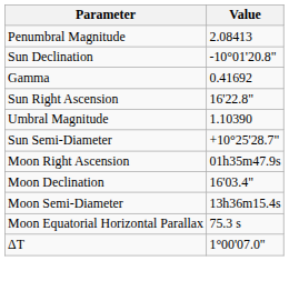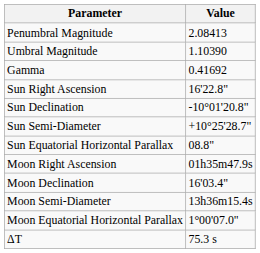 <table class="wikitable">
 <tr>
 <th>Parameter</th>
 <th>Value</th>
 </tr>
 <tr>
 <td>Penumbral Magnitude</td>
 <td>2.08413</td>
 </tr>
 <tr>
-<td>Sun Declination</td>
-<td>-10°01'20.8"</td>
+<td>Umbral Magnitude</td>
+<td>1.10390</td>
 </tr>
 <tr>
 <td>Gamma</td>
 <td>0.41692</td>
 </tr>
 <tr>
 <td>Sun Right Ascension</td>
 <td>16'22.8"</td>
 </tr>
 <tr>
-<td>Umbral Magnitude</td>
-<td>1.10390</td>
+<td>Sun Declination</td>
+<td>-10°01'20.8"</td>
 </tr>
 <tr>
 <td>Sun Semi-Diameter</td>
 <td>+10°25'28.7"</td>
+</tr>
+<tr>
+<td>Sun Equatorial Horizontal Parallax</td>
+<td>08.8"</td>
 </tr>
 <tr>
 <td>Moon Right Ascension</td>
 <td>01h35m47.9s</td>
 </tr>
 <tr>
 <td>Moon Declination</td>
 <td>16'03.4"</td>
 </tr>
 <tr>
 <td>Moon Semi-Diameter</td>
 <td>13h36m15.4s</td>
 </tr>
 <tr>
 <td>Moon Equatorial Horizontal Parallax</td>
-<td>75.3 s</td>
+<td>1°00'07.0"</td>
 </tr>
 <tr>
 <td>ΔT</td>
-<td>1°00'07.0"</td>
+<td>75.3 s</td>
 </tr>
 </table>
